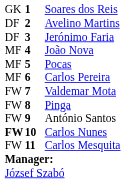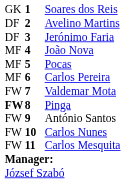 <table style="font-size:90%; margin:0.2em auto;" cellspacing="0" cellpadding="0">
 <tr>
 <th width="25"></th>
 <th width="25"></th>
 </tr>
 <tr>
 <td>GK</td>
 <td><strong>1</strong></td>
 <td> <a href='#'>Soares dos Reis</a></td>
 </tr>
 <tr>
 <td>DF</td>
 <td><strong>2</strong></td>
 <td> <a href='#'>Avelino Martins</a></td>
 </tr>
 <tr>
 <td>DF</td>
 <td><strong>3</strong></td>
 <td> <a href='#'>Jerónimo Faria</a></td>
 </tr>
 <tr>
 <td>MF</td>
 <td><strong>4</strong></td>
 <td> <a href='#'>João Nova</a></td>
 </tr>
 <tr>
 <td>MF</td>
 <td><strong>5</strong></td>
 <td> <a href='#'>Pocas</a></td>
 </tr>
 <tr>
 <td>MF</td>
 <td><strong>6</strong></td>
 <td> <a href='#'>Carlos Pereira</a></td>
 </tr>
 <tr>
 <td>FW</td>
 <td><strong>7</strong></td>
 <td> <a href='#'>Valdemar Mota</a></td>
 </tr>
 <tr>
-<td>FW</td>
+<td><strong>FW</strong></td>
 <td><strong>8</strong></td>
 <td> <a href='#'>Pinga</a></td>
 </tr>
 <tr>
 <td>FW</td>
 <td><strong>9</strong></td>
 <td> António Santos</td>
 </tr>
 <tr>
-<td><strong>FW</strong></td>
+<td>FW</td>
 <td><strong>10</strong></td>
 <td> <a href='#'>Carlos Nunes</a></td>
 </tr>
 <tr>
 <td>FW</td>
 <td><strong>11</strong></td>
 <td> <a href='#'>Carlos Mesquita</a></td>
 </tr>
 <tr>
 <td colspan=3><strong>Manager:</strong></td>
 </tr>
 <tr>
 <td colspan="4"> <a href='#'>József Szabó</a></td>
 </tr>
 <tr>
 </tr>
 </table>
